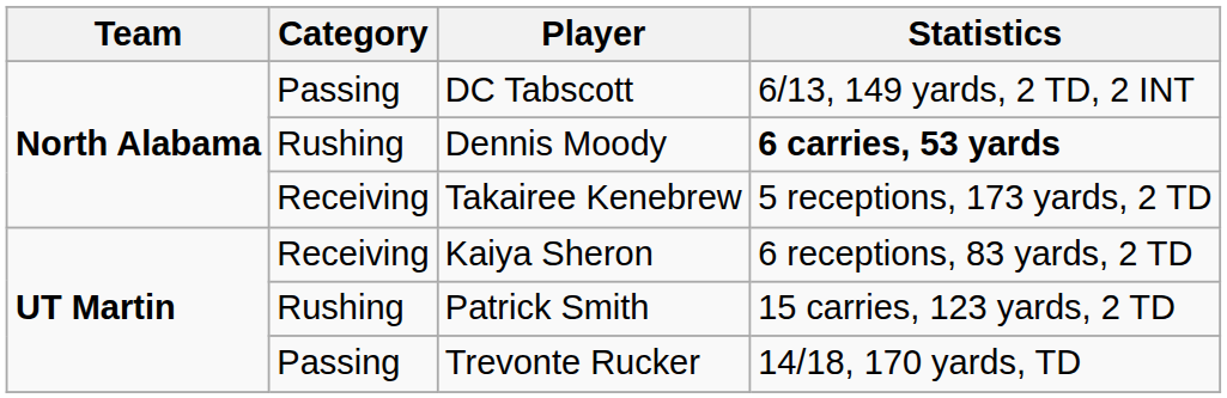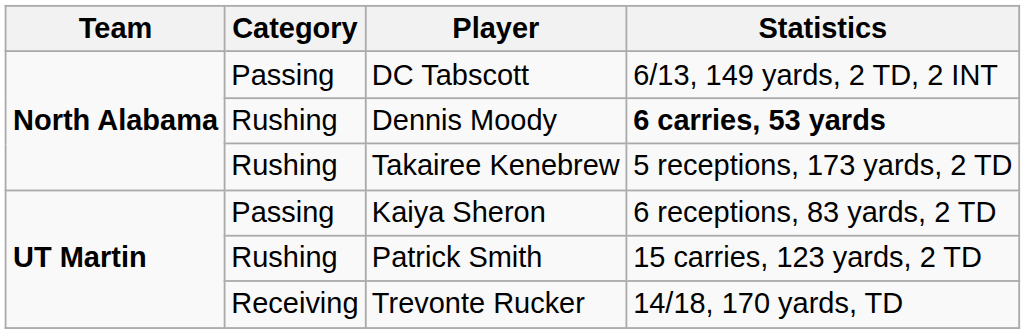 <table class="wikitable" style="float: right;">
 <tr>
 <th>Team</th>
 <th>Category</th>
 <th>Player</th>
 <th>Statistics</th>
 </tr>
 <tr>
 <td rowspan=3><strong>North Alabama</strong></td>
 <td>Passing</td>
 <td>DC Tabscott</td>
 <td>6/13, 149 yards, 2 TD, 2 INT</td>
 </tr>
 <tr>
 <td>Rushing</td>
 <td>Dennis Moody</td>
 <td><strong>6 carries, 53 yards</strong></td>
 </tr>
 <tr>
-<td>Receiving</td>
+<td>Rushing</td>
 <td>Takairee Kenebrew</td>
 <td>5 receptions, 173 yards, 2 TD</td>
 </tr>
 <tr>
 <td rowspan=3><strong>UT Martin</strong></td>
-<td>Receiving</td>
+<td>Passing</td>
 <td>Kaiya Sheron</td>
 <td>6 receptions, 83 yards, 2 TD</td>
 </tr>
 <tr>
 <td>Rushing</td>
 <td>Patrick Smith</td>
 <td>15 carries, 123 yards, 2 TD</td>
 </tr>
 <tr>
-<td>Passing</td>
+<td>Receiving</td>
 <td>Trevonte Rucker</td>
 <td>14/18, 170 yards, TD</td>
 </tr>
 </table>
